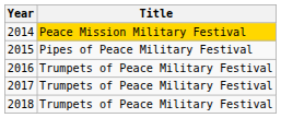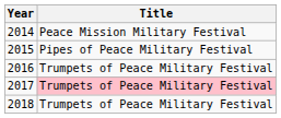 <table class="wikitable sortable">
 <tr>
 <th>Year</th>
 <th>Title</th>
 </tr>
 <tr>
 <td>2014</td>
-<td style="background: gold;">Peace Mission Military Festival</td>
+<td>Peace Mission Military Festival</td>
 </tr>
 <tr>
 <td>2015</td>
 <td>Pipes of Peace Military Festival</td>
 </tr>
 <tr>
 <td>2016</td>
 <td>Trumpets of Peace Military Festival</td>
 </tr>
 <tr>
 <td>2017</td>
-<td>Trumpets of Peace Military Festival</td>
+<td style="background: pink;">Trumpets of Peace Military Festival</td>
 </tr>
 <tr>
 <td>2018</td>
 <td>Trumpets of Peace Military Festival</td>
 </tr>
 </table>
